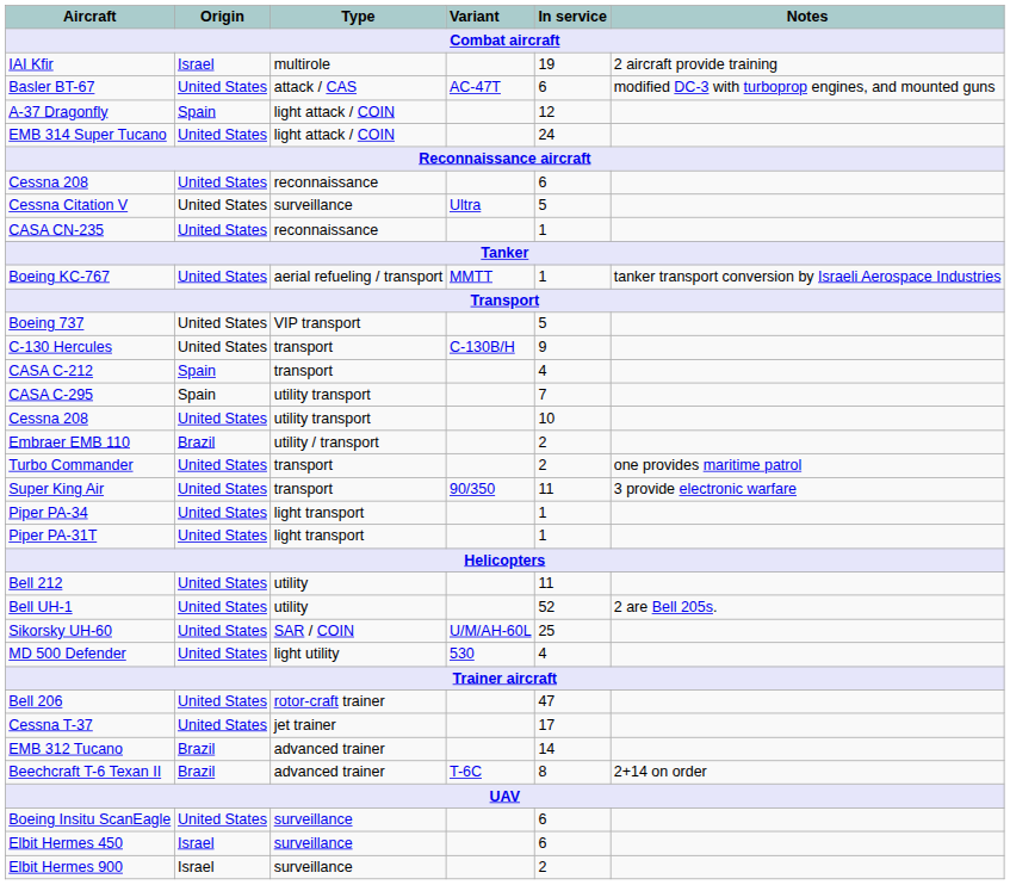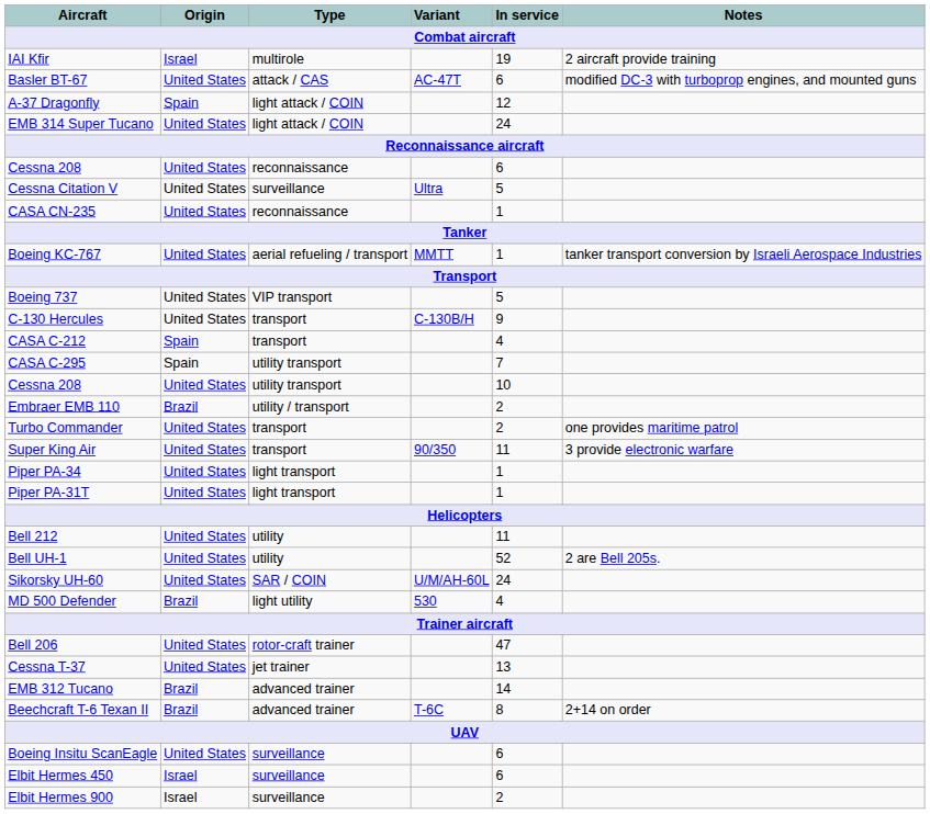 <table class="wikitable">
 <tr>
 <th style="text-align:center; background:#acc;">Aircraft</th>
 <th style="text-align: center; background:#acc;">Origin</th>
 <th style="text-align:l center; background:#acc;">Type</th>
 <th style="text-align:left; background:#acc;">Variant</th>
 <th style="text-align:center; background:#acc;">In service</th>
 <th style="text-align: center; background:#acc;">Notes</th>
 </tr>
 <tr>
 <th style="align: center; background: lavender;" colspan="6"><a href='#'>Combat aircraft</a></th>
 </tr>
 <tr>
 <td><a href='#'>IAI Kfir</a></td>
 <td><a href='#'>Israel</a></td>
 <td>multirole</td>
 <td></td>
 <td>19</td>
 <td>2 aircraft provide training</td>
 </tr>
 <tr>
 <td><a href='#'>Basler BT-67</a></td>
 <td><a href='#'>United States</a></td>
 <td>attack / <a href='#'>CAS</a></td>
 <td><a href='#'>AC-47T</a></td>
 <td>6</td>
 <td>modified <a href='#'>DC-3</a> with <a href='#'>turboprop</a> engines, and mounted guns</td>
 </tr>
 <tr>
 <td><a href='#'> A-37 Dragonfly</a></td>
 <td><a href='#'>Spain</a></td>
 <td>light attack / <a href='#'>COIN</a></td>
 <td></td>
 <td>12</td>
 <td></td>
 </tr>
 <tr>
 <td><a href='#'> EMB 314 Super Tucano</a></td>
 <td><a href='#'>United States</a></td>
 <td>light attack / <a href='#'>COIN</a></td>
 <td></td>
 <td>24</td>
 <td></td>
 </tr>
 <tr>
 <th style="align: center; background: lavender;" colspan="6"><a href='#'>Reconnaissance aircraft</a></th>
 </tr>
 <tr>
 <td><a href='#'>Cessna 208</a></td>
 <td><a href='#'>United States</a></td>
 <td>reconnaissance</td>
 <td></td>
 <td>6</td>
 <td></td>
 </tr>
 <tr>
 <td><a href='#'>Cessna Citation V</a></td>
 <td>United States</td>
 <td>surveillance</td>
 <td><a href='#'>Ultra</a></td>
 <td>5</td>
 <td></td>
 </tr>
 <tr>
 <td><a href='#'>CASA CN-235</a></td>
 <td><a href='#'>United States</a></td>
 <td>reconnaissance</td>
 <td></td>
 <td>1</td>
 <td></td>
 </tr>
 <tr>
 <th style="align: center; background: lavender;" colspan="6"><a href='#'>Tanker</a></th>
 </tr>
 <tr>
 <td><a href='#'>Boeing KC-767</a></td>
 <td><a href='#'>United States</a></td>
 <td>aerial refueling / transport</td>
 <td><a href='#'>MMTT</a></td>
 <td>1</td>
 <td>tanker transport conversion by <a href='#'>Israeli Aerospace Industries</a></td>
 </tr>
 <tr>
 <th style="align: center; background: lavender;" colspan="6"><a href='#'>Transport</a></th>
 </tr>
 <tr>
 <td><a href='#'>Boeing 737</a></td>
 <td>United States</td>
 <td>VIP transport</td>
 <td></td>
 <td>5</td>
 <td></td>
 </tr>
 <tr>
 <td><a href='#'> C-130 Hercules</a></td>
 <td>United States</td>
 <td>transport</td>
 <td><a href='#'>C-130B/H</a></td>
 <td>9</td>
 <td></td>
 </tr>
 <tr>
 <td><a href='#'>CASA C-212</a></td>
 <td><a href='#'>Spain</a></td>
 <td>transport</td>
 <td></td>
 <td>4</td>
 <td></td>
 </tr>
 <tr>
 <td><a href='#'>CASA C-295</a></td>
 <td>Spain</td>
 <td>utility transport</td>
 <td></td>
 <td>7</td>
 <td></td>
 </tr>
 <tr>
 <td><a href='#'>Cessna 208</a></td>
 <td><a href='#'>United States</a></td>
 <td>utility transport</td>
 <td></td>
 <td>10</td>
 <td></td>
 </tr>
 <tr>
 <td><a href='#'> Embraer EMB 110</a></td>
 <td><a href='#'>Brazil</a></td>
 <td>utility / transport</td>
 <td></td>
 <td>2</td>
 <td></td>
 </tr>
 <tr>
 <td><a href='#'>Turbo Commander</a></td>
 <td><a href='#'>United States</a></td>
 <td>transport</td>
 <td></td>
 <td>2</td>
 <td>one provides <a href='#'>maritime patrol</a></td>
 </tr>
 <tr>
 <td><a href='#'> Super King Air</a></td>
 <td><a href='#'>United States</a></td>
 <td>transport</td>
 <td><a href='#'>90/350</a></td>
 <td>11</td>
 <td>3 provide <a href='#'>electronic warfare</a></td>
 </tr>
 <tr>
 <td><a href='#'>Piper PA-34</a></td>
 <td><a href='#'>United States</a></td>
 <td>light transport</td>
 <td></td>
 <td>1</td>
 <td></td>
 </tr>
 <tr>
 <td><a href='#'> Piper PA-31T</a></td>
 <td><a href='#'>United States</a></td>
 <td>light transport</td>
 <td></td>
 <td>1</td>
 <td></td>
 </tr>
 <tr>
 <th style="align: center; background: lavender;" colspan="6"><a href='#'>Helicopters</a></th>
 </tr>
 <tr>
 <td><a href='#'>Bell 212</a></td>
 <td><a href='#'>United States</a></td>
 <td>utility</td>
 <td></td>
 <td>11</td>
 <td></td>
 </tr>
 <tr>
 <td><a href='#'>Bell UH-1</a></td>
 <td><a href='#'>United States</a></td>
 <td>utility</td>
 <td></td>
 <td>52</td>
 <td>2 are <a href='#'>Bell 205s</a>.</td>
 </tr>
 <tr>
 <td><a href='#'> Sikorsky UH-60</a></td>
 <td><a href='#'>United States</a></td>
 <td utility /><a href='#'>SAR</a> /  <a href='#'>COIN</a></td>
 <td><a href='#'>U/M/AH-60L</a></td>
-<td>25</td>
+<td>24</td>
 <td></td>
 </tr>
 <tr>
 <td><a href='#'>MD 500 Defender</a></td>
-<td><a href='#'>United States</a></td>
+<td><a href='#'>Brazil</a></td>
 <td>light utility</td>
 <td><a href='#'>530</a></td>
 <td>4</td>
 <td></td>
 </tr>
 <tr>
 <th style="align: center; background: lavender;" colspan="6"><a href='#'>Trainer aircraft</a></th>
 </tr>
 <tr>
 <td><a href='#'>Bell 206</a></td>
 <td><a href='#'>United States</a></td>
 <td><a href='#'>rotor-craft</a> trainer</td>
 <td></td>
 <td>47</td>
 <td></td>
 </tr>
 <tr>
 <td><a href='#'>Cessna T-37</a></td>
 <td><a href='#'>United States</a></td>
 <td>jet trainer</td>
 <td></td>
-<td>17</td>
+<td>13</td>
 <td></td>
 </tr>
 <tr>
 <td><a href='#'> EMB 312 Tucano</a></td>
 <td><a href='#'>Brazil</a></td>
 <td>advanced trainer</td>
 <td></td>
 <td>14</td>
 <td></td>
 </tr>
 <tr>
 <td><a href='#'>Beechcraft T-6 Texan II</a></td>
 <td><a href='#'>Brazil</a></td>
 <td>advanced trainer</td>
 <td><a href='#'>T-6C</a></td>
 <td>8</td>
 <td>2+14 on order</td>
 </tr>
 <tr>
 <th style="align: center; background: lavender;" colspan="7"><a href='#'>UAV</a></th>
 </tr>
 <tr>
 <td><a href='#'>Boeing Insitu ScanEagle</a></td>
 <td><a href='#'>United States</a></td>
 <td><a href='#'>surveillance</a></td>
 <td></td>
 <td>6</td>
 <td></td>
 </tr>
 <tr>
 <td><a href='#'>Elbit Hermes 450</a></td>
 <td><a href='#'>Israel</a></td>
 <td><a href='#'>surveillance</a></td>
 <td></td>
 <td>6</td>
 <td></td>
 </tr>
 <tr>
 <td><a href='#'>Elbit Hermes 900</a></td>
 <td>Israel</td>
 <td>surveillance</td>
 <td></td>
 <td>2</td>
 <td></td>
 </tr>
 </table>
